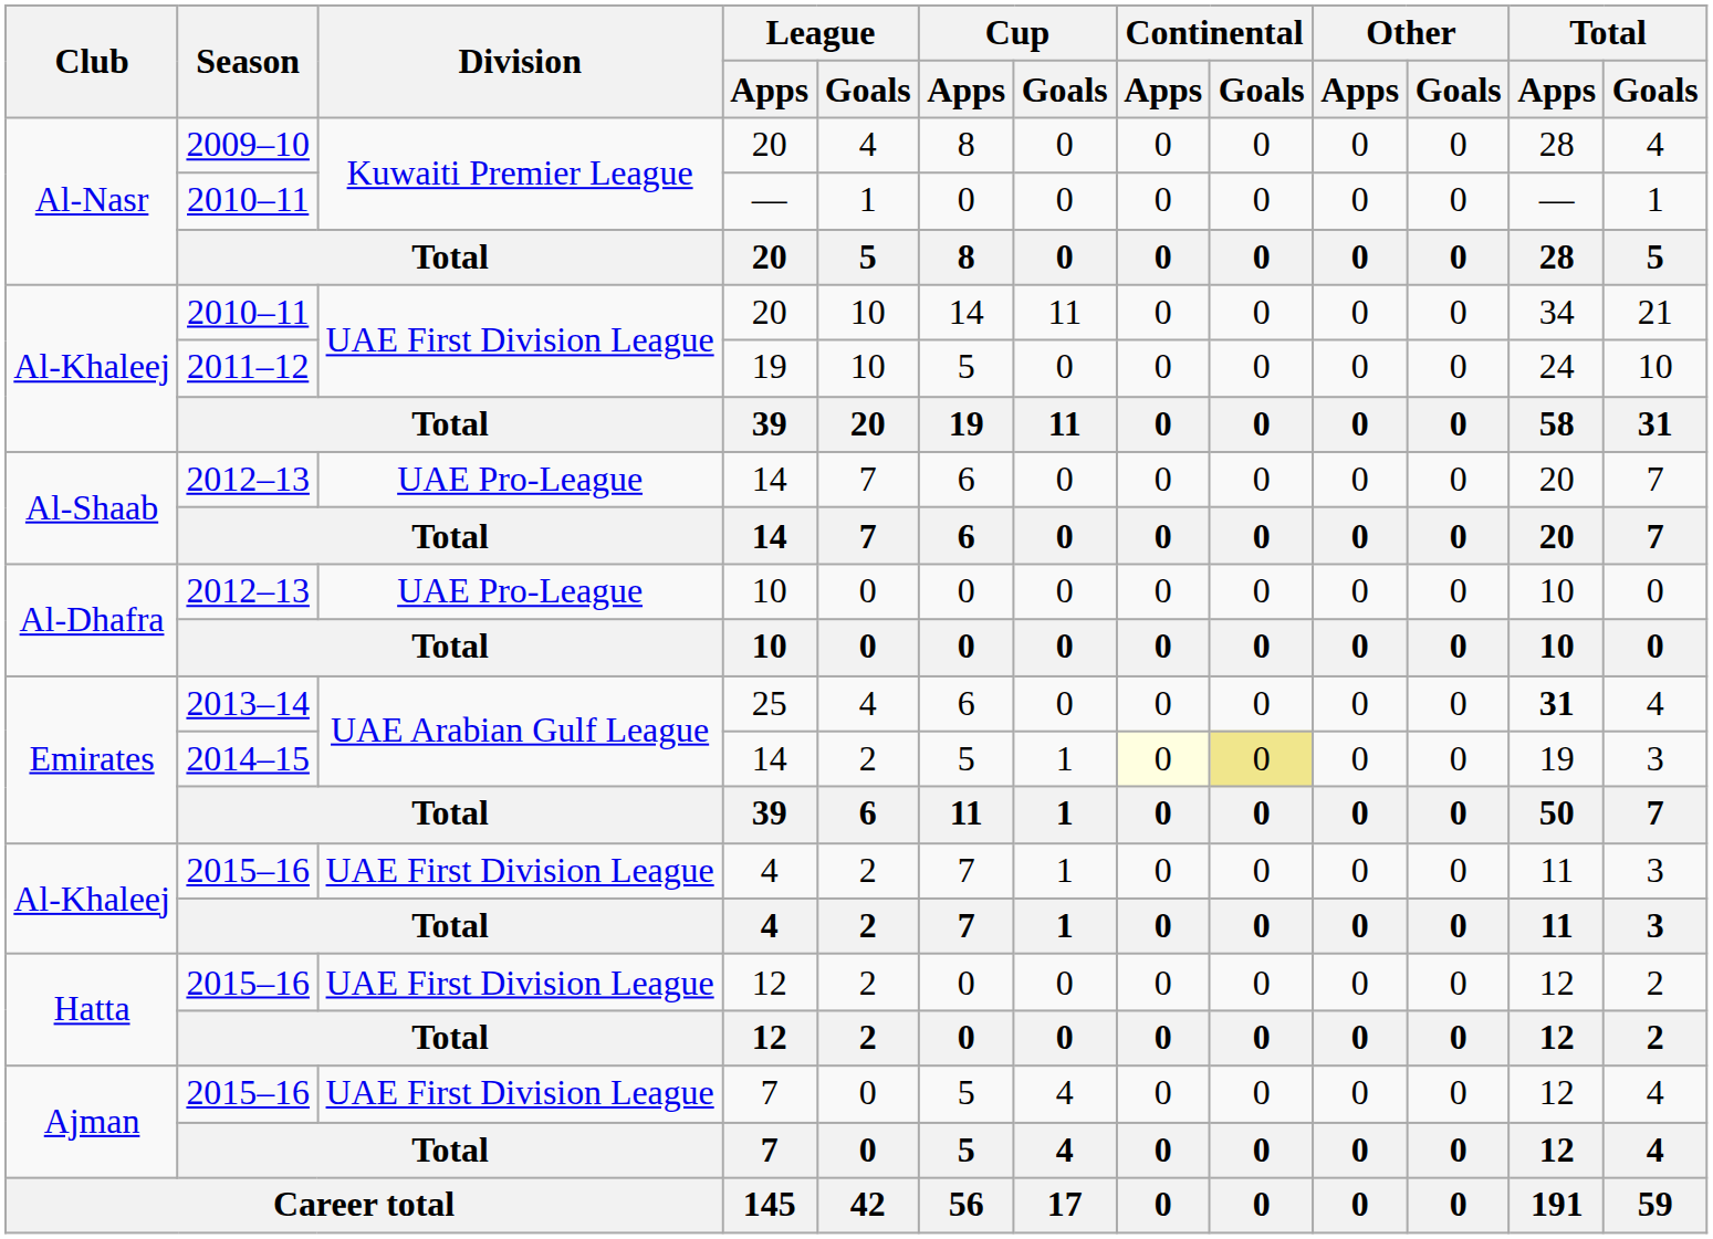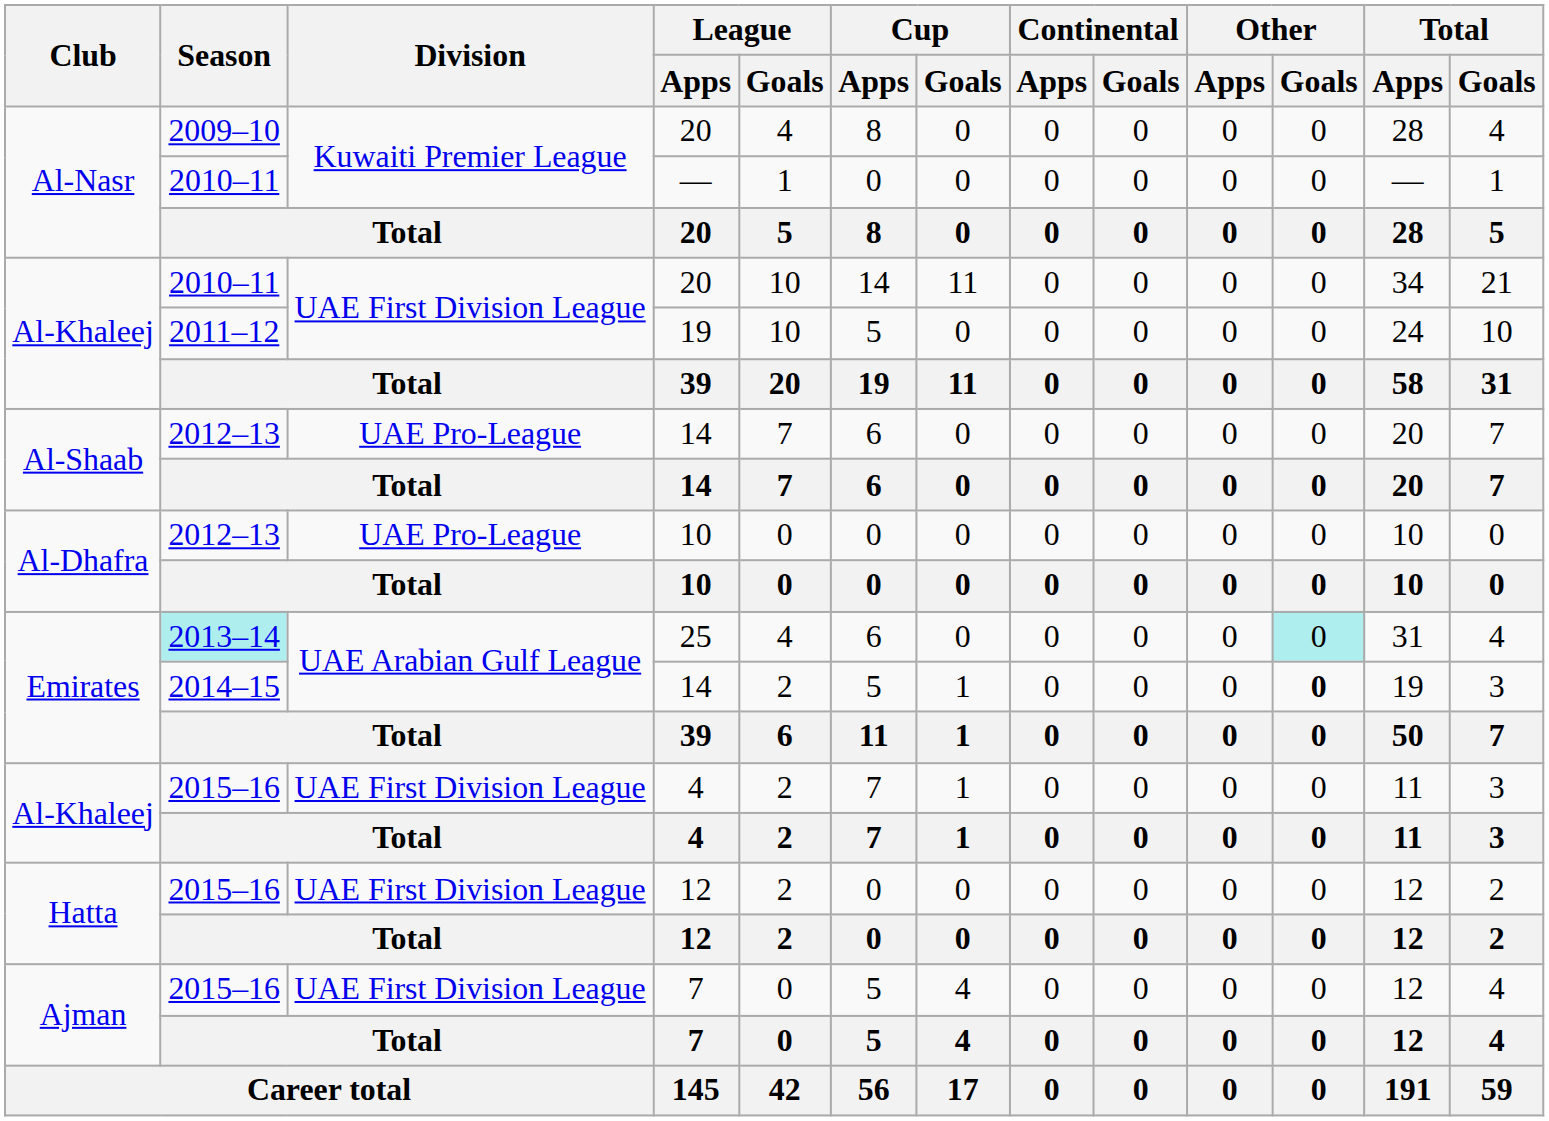 <table class="wikitable" style="text-align: center;">
 <tr>
 <th rowspan="2">Club</th>
 <th rowspan="2">Season</th>
 <th rowspan="2">Division</th>
 <th colspan="2">League</th>
 <th colspan="2">Cup</th>
 <th colspan="2">Continental</th>
 <th colspan="2">Other</th>
 <th colspan="2">Total</th>
 </tr>
 <tr>
 <th>Apps</th>
 <th>Goals</th>
 <th>Apps</th>
 <th>Goals</th>
 <th>Apps</th>
 <th>Goals</th>
 <th>Apps</th>
 <th>Goals</th>
 <th>Apps</th>
 <th>Goals</th>
 </tr>
 <tr>
 <td rowspan="3"><a href='#'>Al-Nasr</a></td>
 <td><a href='#'>2009–10</a></td>
 <td rowspan="2"><a href='#'>Kuwaiti Premier League</a></td>
 <td>20</td>
 <td>4</td>
 <td>8</td>
 <td>0</td>
 <td>0</td>
 <td>0</td>
 <td>0</td>
 <td>0</td>
 <td>28</td>
 <td>4</td>
 </tr>
 <tr>
 <td><a href='#'>2010–11</a></td>
 <td>—</td>
 <td>1</td>
 <td>0</td>
 <td>0</td>
 <td>0</td>
 <td>0</td>
 <td>0</td>
 <td>0</td>
 <td>—</td>
 <td>1</td>
 </tr>
 <tr>
 <th colspan="2">Total</th>
 <th>20</th>
 <th>5</th>
 <th>8</th>
 <th>0</th>
 <th>0</th>
 <th>0</th>
 <th>0</th>
 <th>0</th>
 <th>28</th>
 <th>5</th>
 </tr>
 <tr>
 <td rowspan="3"><a href='#'>Al-Khaleej</a></td>
 <td><a href='#'>2010–11</a></td>
 <td rowspan="2"><a href='#'>UAE First Division League</a></td>
 <td>20</td>
 <td>10</td>
 <td>14</td>
 <td>11</td>
 <td>0</td>
 <td>0</td>
 <td>0</td>
 <td>0</td>
 <td>34</td>
 <td>21</td>
 </tr>
 <tr>
 <td><a href='#'>2011–12</a></td>
 <td>19</td>
 <td>10</td>
 <td>5</td>
 <td>0</td>
 <td>0</td>
 <td>0</td>
 <td>0</td>
 <td>0</td>
 <td>24</td>
 <td>10</td>
 </tr>
 <tr>
 <th colspan="2">Total</th>
 <th>39</th>
 <th>20</th>
 <th>19</th>
 <th>11</th>
 <th>0</th>
 <th>0</th>
 <th>0</th>
 <th>0</th>
 <th>58</th>
 <th>31</th>
 </tr>
 <tr>
 <td rowspan="2"><a href='#'>Al-Shaab</a></td>
 <td><a href='#'>2012–13</a></td>
 <td rowspan="1"><a href='#'>UAE Pro-League</a></td>
 <td>14</td>
 <td>7</td>
 <td>6</td>
 <td>0</td>
 <td>0</td>
 <td>0</td>
 <td>0</td>
 <td>0</td>
 <td>20</td>
 <td>7</td>
 </tr>
 <tr>
 <th colspan="2">Total</th>
 <th>14</th>
 <th>7</th>
 <th>6</th>
 <th>0</th>
 <th>0</th>
 <th>0</th>
 <th>0</th>
 <th>0</th>
 <th>20</th>
 <th>7</th>
 </tr>
 <tr>
 <td rowspan="2"><a href='#'>Al-Dhafra</a></td>
 <td><a href='#'>2012–13</a></td>
 <td rowspan="1"><a href='#'>UAE Pro-League</a></td>
 <td>10</td>
 <td>0</td>
 <td>0</td>
 <td>0</td>
 <td>0</td>
 <td>0</td>
 <td>0</td>
 <td>0</td>
 <td>10</td>
 <td>0</td>
 </tr>
 <tr>
 <th colspan="2">Total</th>
 <th>10</th>
 <th>0</th>
 <th>0</th>
 <th>0</th>
 <th>0</th>
 <th>0</th>
 <th>0</th>
 <th>0</th>
 <th>10</th>
 <th>0</th>
 </tr>
 <tr>
 <td rowspan="3"><a href='#'>Emirates</a></td>
-<td><a href='#'>2013–14</a></td>
+<td style="background: paleturquoise;"><a href='#'>2013–14</a></td>
 <td rowspan="2"><a href='#'>UAE Arabian Gulf League</a></td>
 <td>25</td>
 <td>4</td>
 <td>6</td>
 <td>0</td>
 <td>0</td>
 <td>0</td>
 <td>0</td>
-<td>0</td>
-<td><strong>31</strong></td>
+<td style="background: paleturquoise;">0</td>
+<td>31</td>
 <td>4</td>
 </tr>
 <tr>
 <td><a href='#'>2014–15</a></td>
 <td>14</td>
 <td>2</td>
 <td>5</td>
 <td>1</td>
-<td style="background: lightyellow;">0</td>
-<td style="background: khaki;">0</td>
 <td>0</td>
 <td>0</td>
+<td>0</td>
+<td><strong>0</strong></td>
 <td>19</td>
 <td>3</td>
 </tr>
 <tr>
 <th colspan="2">Total</th>
 <th>39</th>
 <th>6</th>
 <th>11</th>
 <th>1</th>
 <th>0</th>
 <th>0</th>
 <th>0</th>
 <th>0</th>
 <th>50</th>
 <th>7</th>
 </tr>
 <tr>
 <td rowspan="2"><a href='#'>Al-Khaleej</a></td>
 <td><a href='#'>2015–16</a></td>
 <td rowspan="1"><a href='#'>UAE First Division League</a></td>
 <td>4</td>
 <td>2</td>
 <td>7</td>
 <td>1</td>
 <td>0</td>
 <td>0</td>
 <td>0</td>
 <td>0</td>
 <td>11</td>
 <td>3</td>
 </tr>
 <tr>
 <th colspan="2">Total</th>
 <th>4</th>
 <th>2</th>
 <th>7</th>
 <th>1</th>
 <th>0</th>
 <th>0</th>
 <th>0</th>
 <th>0</th>
 <th>11</th>
 <th>3</th>
 </tr>
 <tr>
 <td rowspan="2"><a href='#'>Hatta</a></td>
 <td><a href='#'>2015–16</a></td>
 <td rowspan="1"><a href='#'>UAE First Division League</a></td>
 <td>12</td>
 <td>2</td>
 <td>0</td>
 <td>0</td>
 <td>0</td>
 <td>0</td>
 <td>0</td>
 <td>0</td>
 <td>12</td>
 <td>2</td>
 </tr>
 <tr>
 <th colspan="2">Total</th>
 <th>12</th>
 <th>2</th>
 <th>0</th>
 <th>0</th>
 <th>0</th>
 <th>0</th>
 <th>0</th>
 <th>0</th>
 <th>12</th>
 <th>2</th>
 </tr>
 <tr>
 <td rowspan="2"><a href='#'>Ajman</a></td>
 <td><a href='#'>2015–16</a></td>
 <td rowspan="1"><a href='#'>UAE First Division League</a></td>
 <td>7</td>
 <td>0</td>
 <td>5</td>
 <td>4</td>
 <td>0</td>
 <td>0</td>
 <td>0</td>
 <td>0</td>
 <td>12</td>
 <td>4</td>
 </tr>
 <tr>
 <th colspan="2">Total</th>
 <th>7</th>
 <th>0</th>
 <th>5</th>
 <th>4</th>
 <th>0</th>
 <th>0</th>
 <th>0</th>
 <th>0</th>
 <th>12</th>
 <th>4</th>
 </tr>
 <tr>
 <th colspan="3">Career total</th>
 <th>145</th>
 <th>42</th>
 <th>56</th>
 <th>17</th>
 <th>0</th>
 <th>0</th>
 <th>0</th>
 <th>0</th>
 <th>191</th>
 <th>59</th>
 </tr>
 </table>
